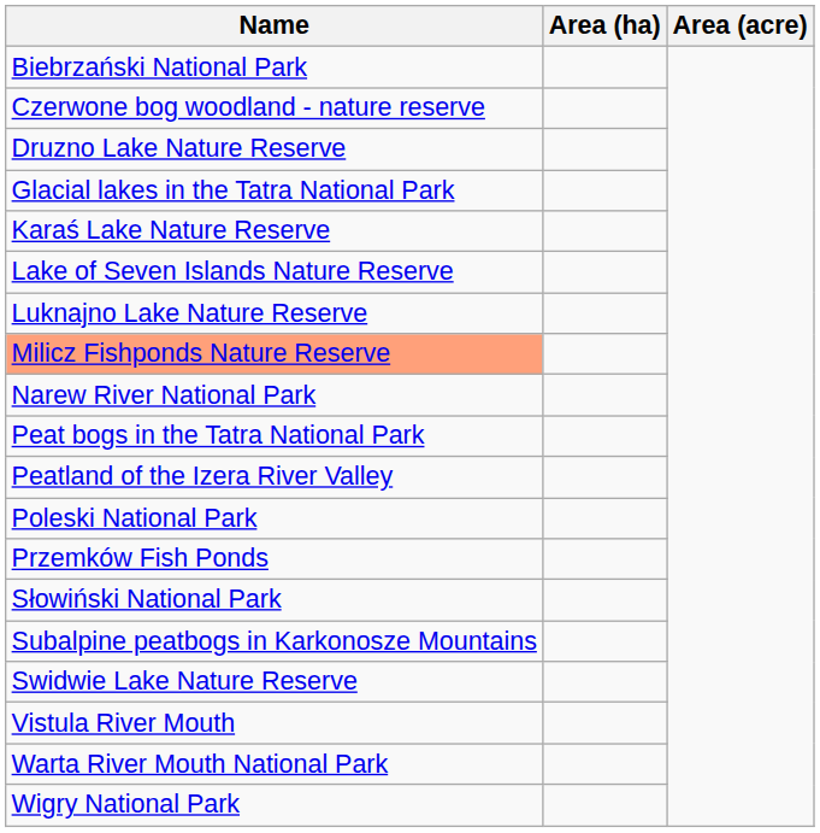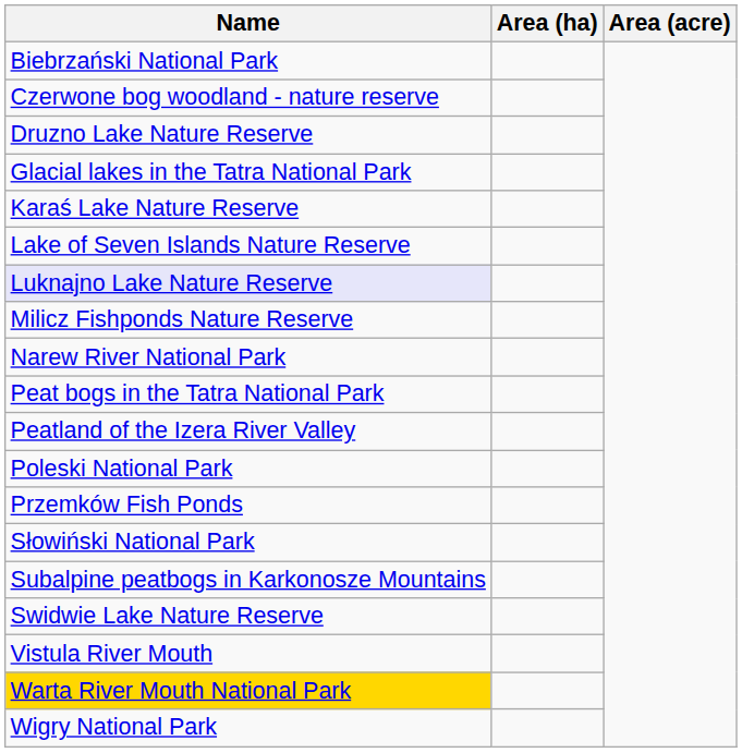 <table class="wikitable">
 <tr>
 <th scope="col" align=left>Name</th>
 <th scope="col">Area (ha)</th>
 <th scope="col">Area (acre)</th>
 </tr>
 <tr ---->
 <td><a href='#'>Biebrzański National Park</a></td>
 <td></td>
 </tr>
 <tr ---->
 <td><a href='#'>Czerwone bog woodland - nature reserve</a></td>
 <td></td>
 </tr>
 <tr ---->
 <td><a href='#'>Druzno Lake Nature Reserve</a></td>
 <td></td>
 </tr>
 <tr ---->
 <td><a href='#'>Glacial lakes in the Tatra National Park</a></td>
 <td></td>
 </tr>
 <tr ---->
 <td><a href='#'>Karaś Lake Nature Reserve</a></td>
 <td></td>
 </tr>
 <tr ---->
 <td><a href='#'>Lake of Seven Islands Nature Reserve</a></td>
 <td></td>
 </tr>
 <tr ---->
-<td><a href='#'>Luknajno Lake Nature Reserve</a></td>
+<td style="background: lavender;"><a href='#'>Luknajno Lake Nature Reserve</a></td>
 <td></td>
 </tr>
 <tr ---->
-<td style="background: lightsalmon;"><a href='#'>Milicz Fishponds Nature Reserve</a></td>
+<td><a href='#'>Milicz Fishponds Nature Reserve</a></td>
 <td></td>
 </tr>
 <tr ---->
 <td><a href='#'>Narew River National Park</a></td>
 <td></td>
 </tr>
 <tr ---->
 <td><a href='#'>Peat bogs in the Tatra National Park</a></td>
 <td></td>
 </tr>
 <tr ---->
 <td><a href='#'>Peatland of the Izera River Valley</a></td>
 <td></td>
 </tr>
 <tr ---->
 <td><a href='#'>Poleski National Park</a></td>
 <td></td>
 </tr>
 <tr ---->
 <td><a href='#'>Przemków Fish Ponds</a></td>
 <td></td>
 </tr>
 <tr ---->
 <td><a href='#'>Słowiński National Park</a></td>
 <td></td>
 </tr>
 <tr ---->
 <td><a href='#'>Subalpine peatbogs in Karkonosze Mountains</a></td>
 <td></td>
 </tr>
 <tr ---->
 <td><a href='#'>Swidwie Lake Nature Reserve</a></td>
 <td></td>
 </tr>
 <tr ---->
 <td><a href='#'>Vistula River Mouth</a></td>
 <td></td>
 </tr>
 <tr ---->
-<td><a href='#'>Warta River Mouth National Park</a></td>
+<td style="background: gold;"><a href='#'>Warta River Mouth National Park</a></td>
 <td></td>
 </tr>
 <tr ---->
 <td><a href='#'>Wigry National Park</a></td>
 <td></td>
 </tr>
 </table>
